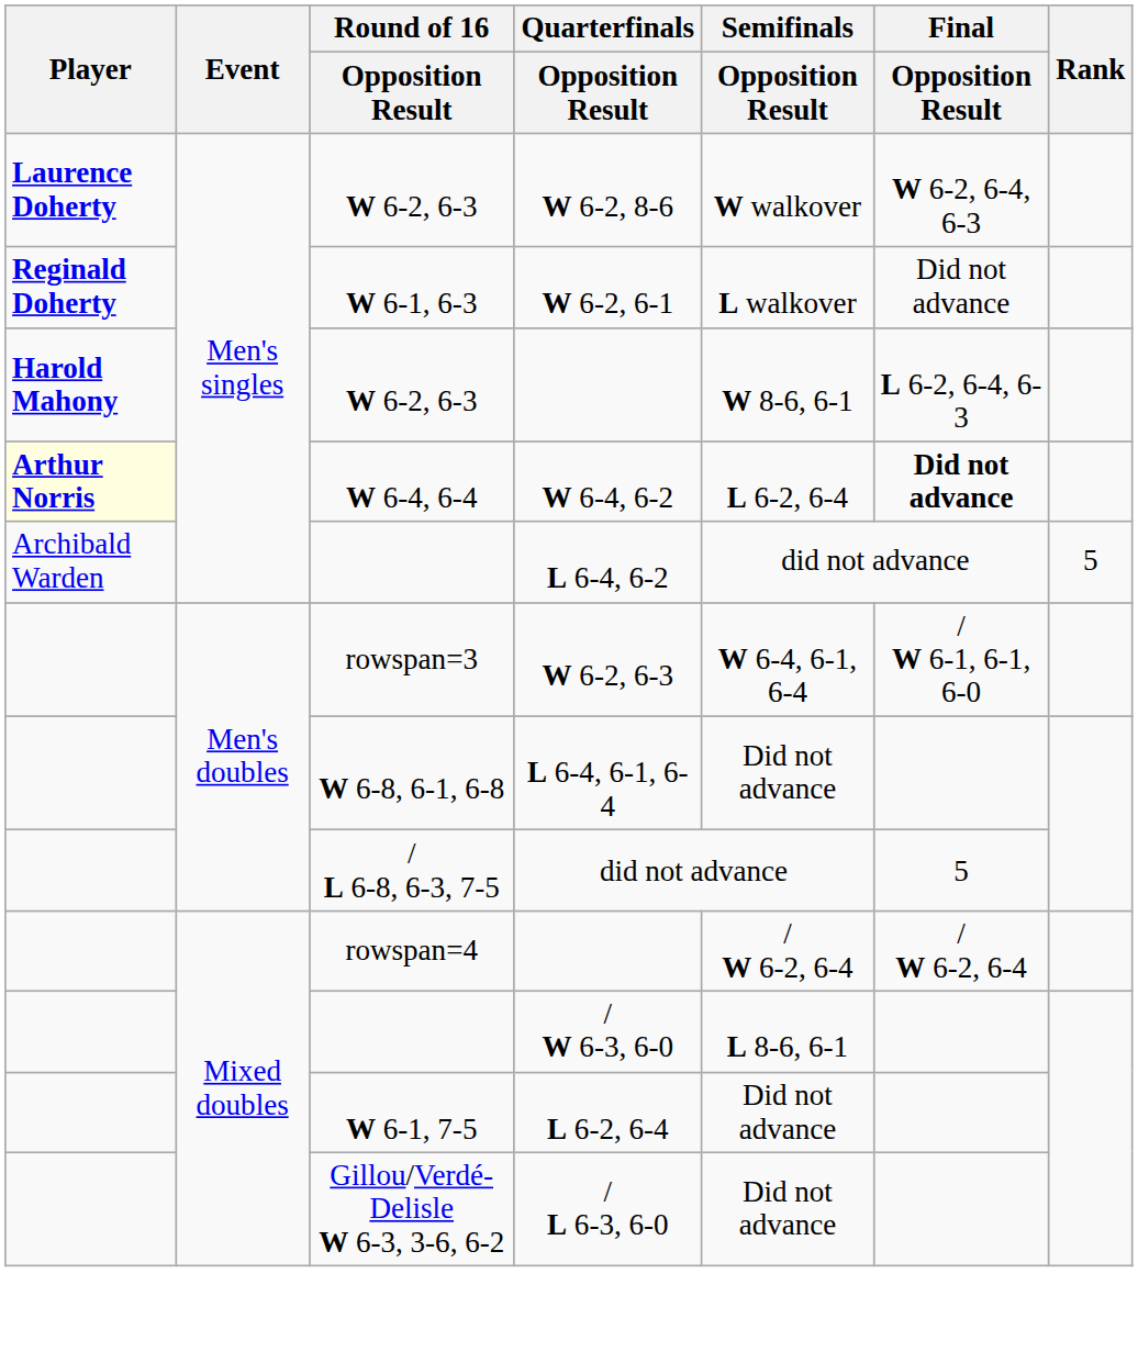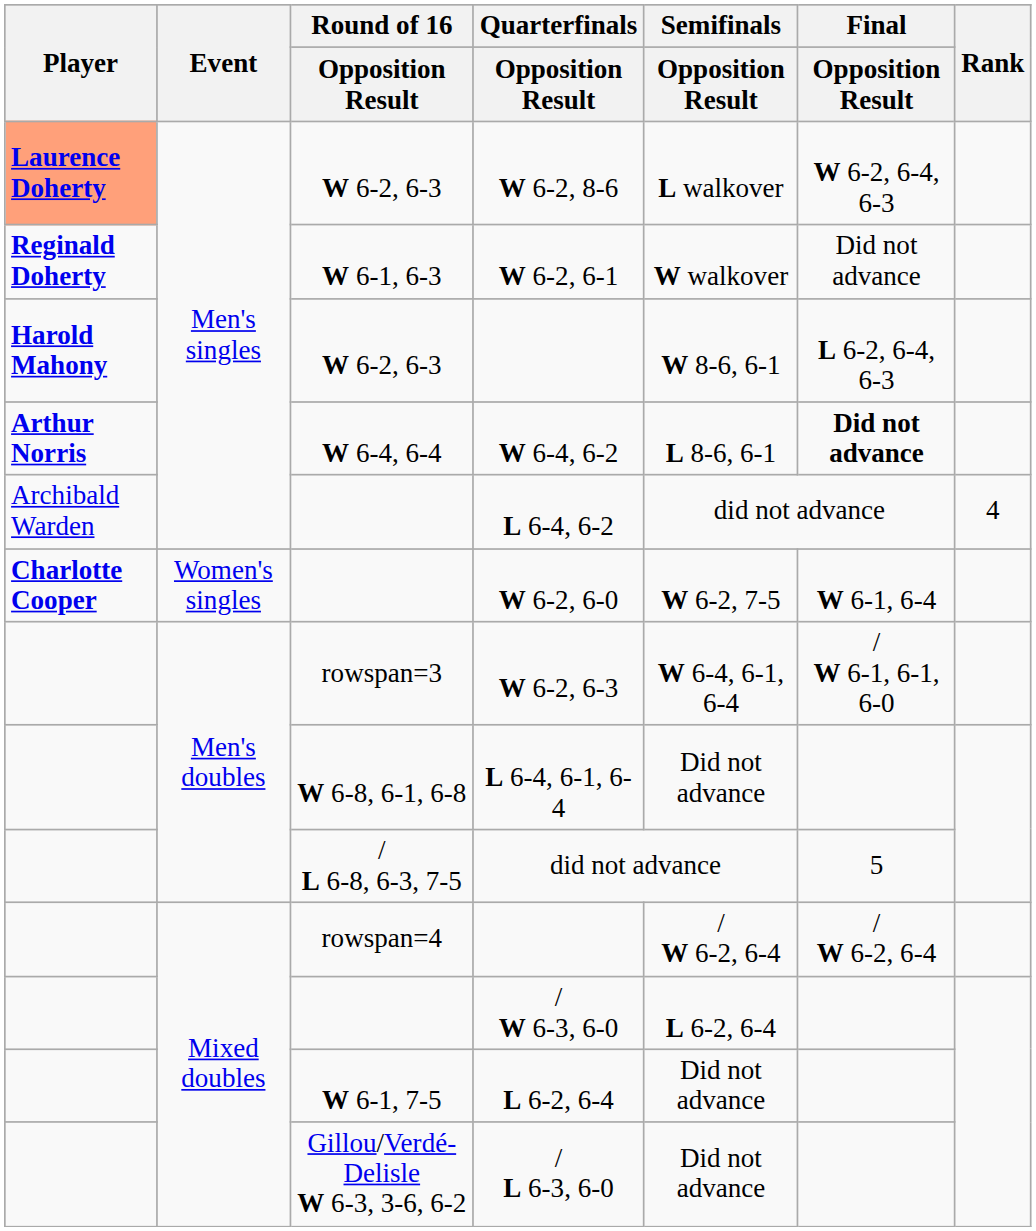 <table class="wikitable sortable" style="text-align:center">
 <tr>
 <th rowspan=2>Player</th>
 <th rowspan=2>Event</th>
 <th>Round of 16</th>
 <th>Quarterfinals</th>
 <th>Semifinals</th>
 <th>Final</th>
 <th rowspan=2>Rank</th>
 </tr>
 <tr>
 <th>Opposition <br> Result</th>
 <th>Opposition <br> Result</th>
 <th>Opposition <br> Result</th>
 <th>Opposition <br> Result</th>
 </tr>
 <tr>
-<td align=left><strong><a href='#'>Laurence Doherty</a></strong></td>
+<td align=left style="background: lightsalmon;"><strong><a href='#'>Laurence Doherty</a></strong></td>
 <td rowspan=5><a href='#'>Men's singles</a></td>
 <td> <br> <strong>W</strong> 6-2, 6-3</td>
 <td> <br> <strong>W</strong> 6-2, 8-6</td>
-<td> <br> <strong>W</strong> walkover</td>
+<td> <br> <strong>L</strong> walkover</td>
 <td> <br> <strong>W</strong> 6-2, 6-4, 6-3</td>
 <td></td>
 </tr>
 <tr>
 <td align=left><strong><a href='#'>Reginald Doherty</a></strong></td>
 <td> <br> <strong>W</strong> 6-1, 6-3</td>
 <td> <br> <strong>W</strong> 6-2, 6-1</td>
-<td> <br> <strong>L</strong> walkover</td>
+<td> <br> <strong>W</strong> walkover</td>
 <td>Did not advance</td>
 <td></td>
 </tr>
 <tr>
 <td align=left><strong><a href='#'>Harold Mahony</a></strong></td>
 <td> <br> <strong>W</strong> 6-2, 6-3</td>
 <td></td>
 <td> <br> <strong>W</strong> 8-6, 6-1</td>
 <td> <br> <strong>L</strong> 6-2, 6-4, 6-3</td>
 <td></td>
 </tr>
 <tr>
-<td align=left style="background: lightyellow;"><strong><a href='#'>Arthur Norris</a></strong></td>
+<td align=left><strong><a href='#'>Arthur Norris</a></strong></td>
 <td> <br> <strong>W</strong> 6-4, 6-4</td>
 <td> <br> <strong>W</strong> 6-4, 6-2</td>
-<td> <br> <strong>L</strong> 6-2, 6-4</td>
+<td> <br> <strong>L</strong> 8-6, 6-1</td>
 <td><strong>Did not advance</strong></td>
 <td></td>
 </tr>
 <tr>
 <td align=left><a href='#'>Archibald Warden</a></td>
 <td></td>
 <td> <br> <strong>L</strong> 6-4, 6-2</td>
 <td colspan=2>did not advance</td>
-<td>5</td>
+<td>4</td>
+</tr>
+<tr>
+<td align=left><strong><a href='#'>Charlotte Cooper</a></strong></td>
+<td><a href='#'>Women's singles</a></td>
+<td></td>
+<td> <br> <strong>W</strong> 6-2, 6-0</td>
+<td> <br> <strong>W</strong> 6-2, 7-5</td>
+<td> <br> <strong>W</strong> 6-1, 6-4</td>
+<td></td>
 </tr>
 <tr>
 <td align=left><strong></strong></td>
 <td rowspan=3><a href='#'>Men's doubles</a></td>
 <td>rowspan=3 </td>
 <td> <br> <strong>W</strong> 6-2, 6-3</td>
 <td> <br> <strong>W</strong> 6-4, 6-1, 6-4</td>
 <td>/ <br> <strong>W</strong> 6-1, 6-1, 6-0</td>
 <td></td>
 </tr>
 <tr>
 <td align=left><strong></strong></td>
 <td> <br> <strong>W</strong> 6-8, 6-1, 6-8</td>
 <td> <br> <strong>L</strong> 6-4, 6-1, 6-4</td>
 <td>Did not advance</td>
 <td></td>
 </tr>
 <tr>
 <td align=left></td>
 <td>/ <br> <strong>L</strong> 6-8, 6-3, 7-5</td>
 <td colspan=2>did not advance</td>
 <td>5</td>
 </tr>
 <tr>
 <td align=left><strong></strong></td>
 <td rowspan=4><a href='#'>Mixed doubles</a></td>
 <td>rowspan=4 </td>
 <td></td>
 <td>/ <br> <strong>W</strong> 6-2, 6-4</td>
 <td>/ <br> <strong>W</strong> 6-2, 6-4</td>
 <td></td>
 </tr>
 <tr>
 <td align=left><strong></strong></td>
 <td></td>
 <td>/ <br> <strong>W</strong> 6-3, 6-0</td>
-<td> <br> <strong>L</strong> 8-6, 6-1</td>
+<td> <br> <strong>L</strong> 6-2, 6-4</td>
 <td></td>
 </tr>
 <tr>
 <td align=left><strong></strong></td>
 <td> <br> <strong>W</strong> 6-1, 7-5</td>
 <td> <br> <strong>L</strong> 6-2, 6-4</td>
 <td>Did not advance</td>
 <td></td>
 </tr>
 <tr>
 <td align=left><strong></strong></td>
 <td {{flagIOCathlete><a href='#'>Gillou</a>/<a href='#'>Verdé-Delisle</a> <br> <strong>W</strong> 6-3, 3-6, 6-2</td>
 <td>/ <br> <strong>L</strong> 6-3, 6-0</td>
 <td>Did not advance</td>
 <td></td>
 </tr>
 </table>
